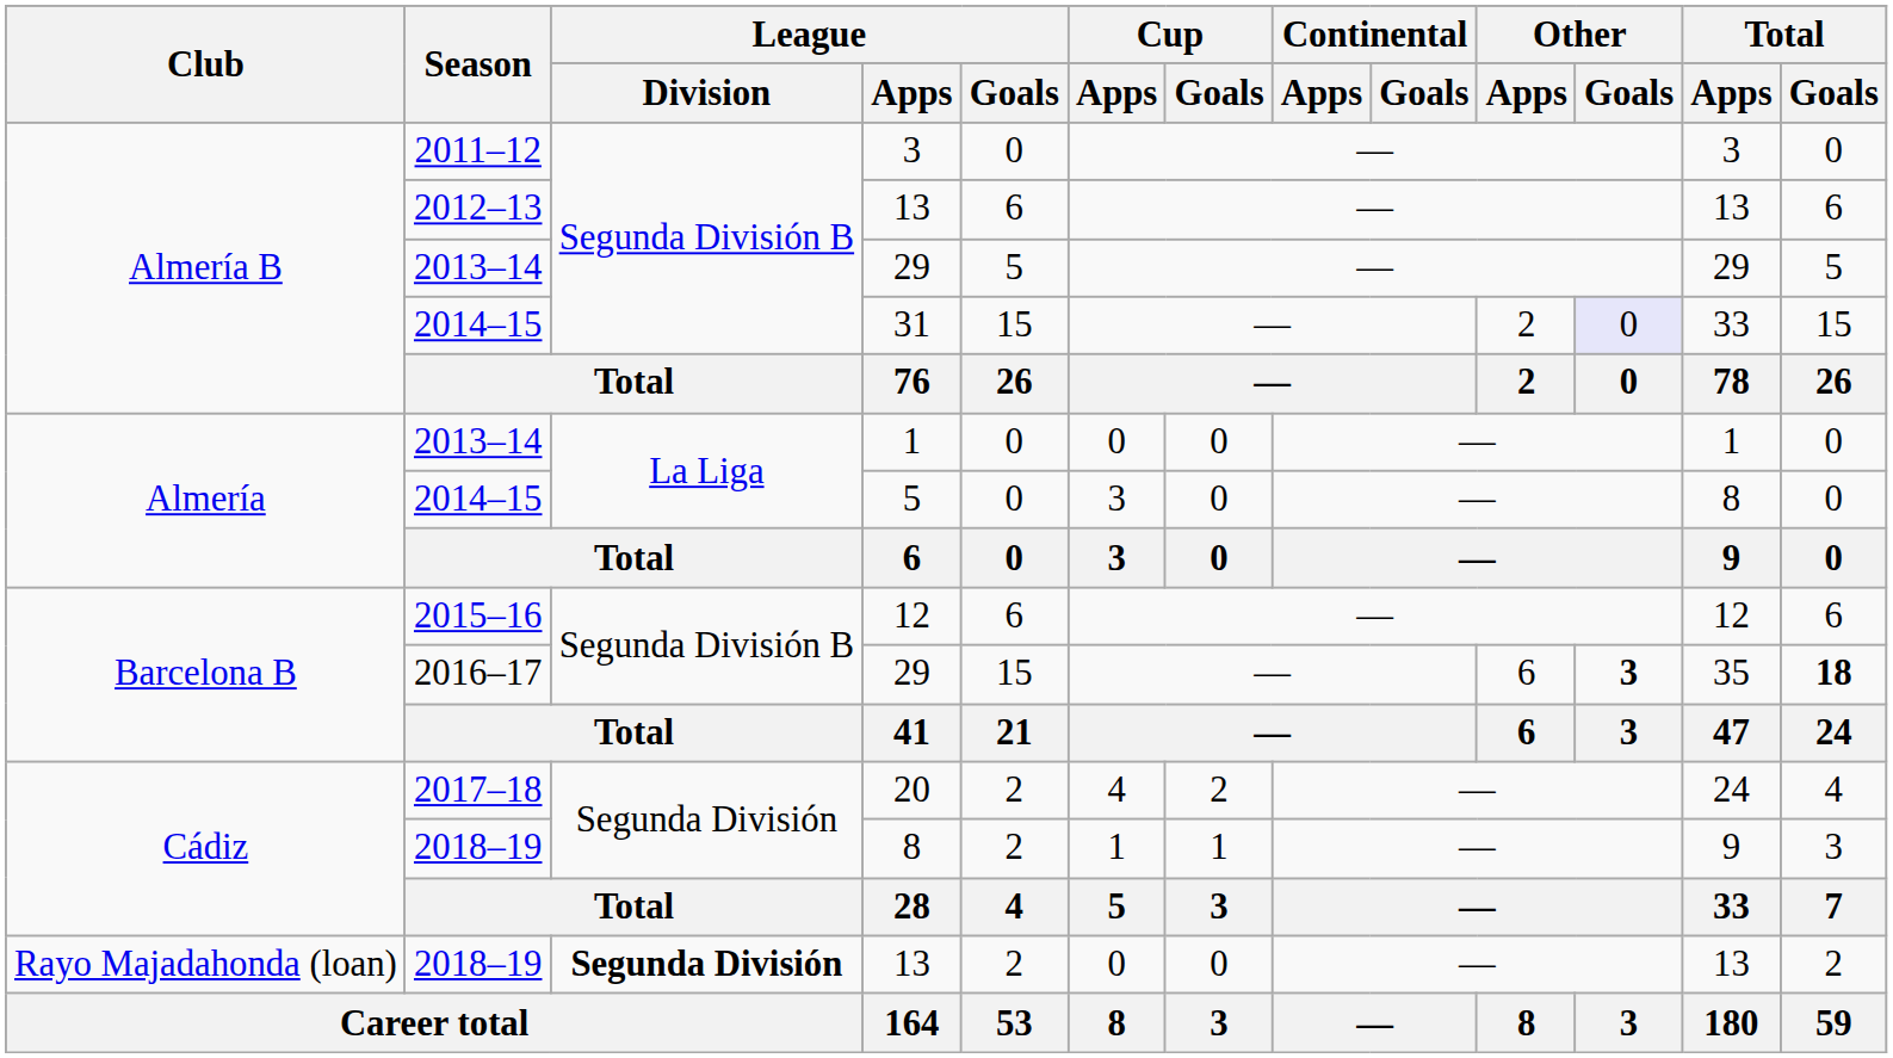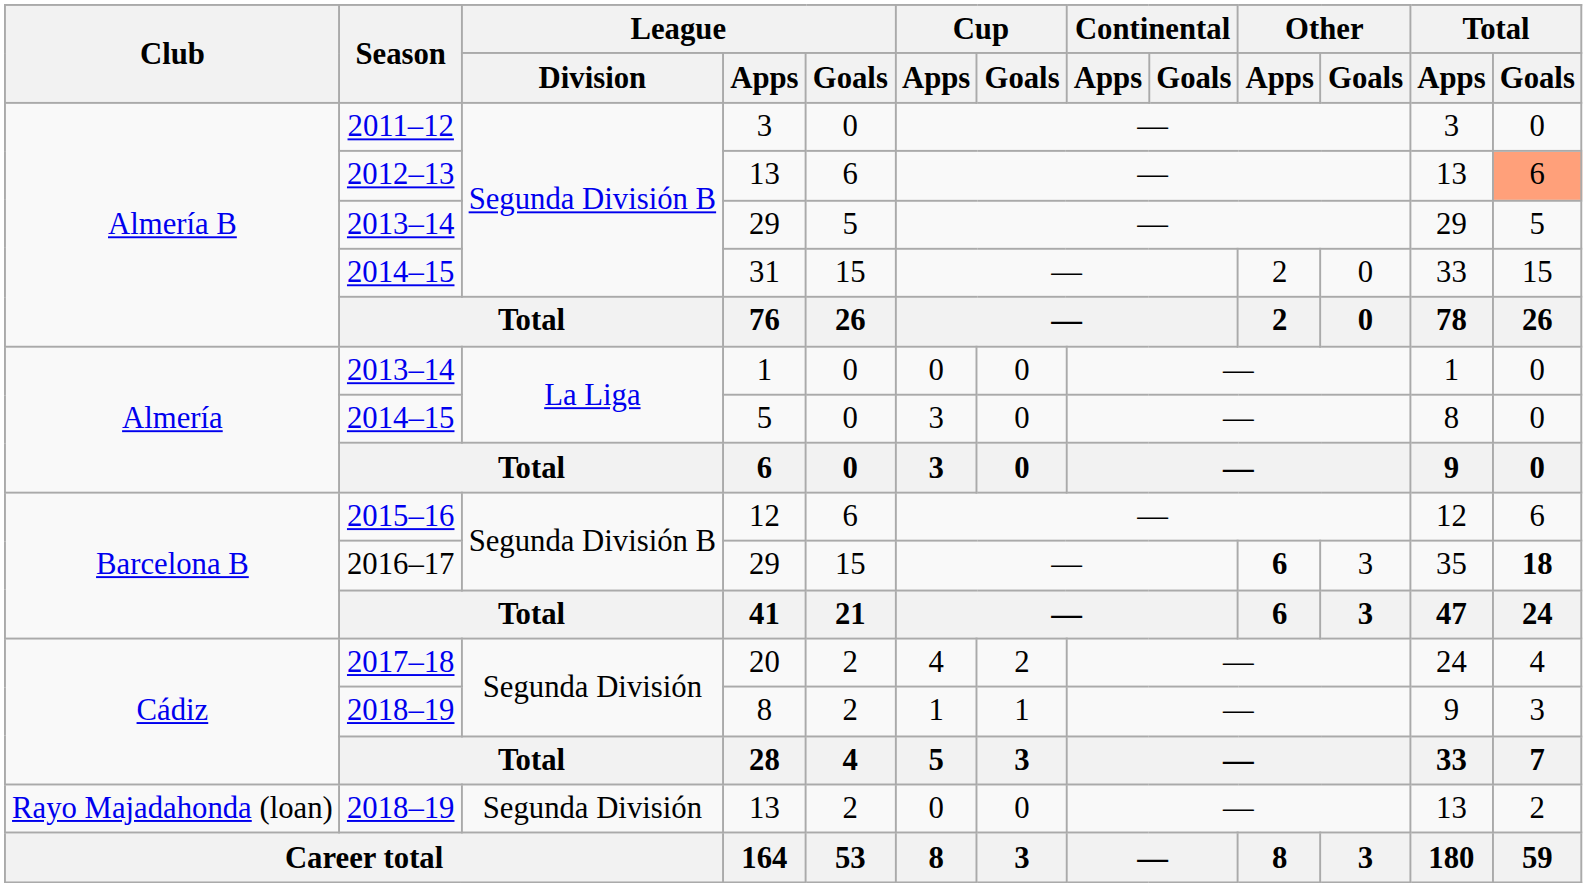 <table class="wikitable" style="text-align: center">
 <tr>
 <th rowspan="2">Club</th>
 <th rowspan="2">Season</th>
 <th colspan="3">League</th>
 <th colspan="2">Cup</th>
 <th colspan="2">Continental</th>
 <th colspan="2">Other</th>
 <th colspan="2">Total</th>
 </tr>
 <tr>
 <th>Division</th>
 <th>Apps</th>
 <th>Goals</th>
 <th>Apps</th>
 <th>Goals</th>
 <th>Apps</th>
 <th>Goals</th>
 <th>Apps</th>
 <th>Goals</th>
 <th>Apps</th>
 <th>Goals</th>
 </tr>
 <tr>
 <td rowspan="5"><a href='#'>Almería B</a></td>
 <td><a href='#'>2011–12</a></td>
 <td rowspan="4"><a href='#'>Segunda División B</a></td>
 <td>3</td>
 <td>0</td>
 <td colspan="6">—</td>
 <td>3</td>
 <td>0</td>
 </tr>
 <tr>
 <td><a href='#'>2012–13</a></td>
 <td>13</td>
 <td>6</td>
 <td colspan="6">—</td>
 <td>13</td>
-<td>6</td>
+<td style="background: lightsalmon;">6</td>
 </tr>
 <tr>
 <td><a href='#'>2013–14</a></td>
 <td>29</td>
 <td>5</td>
 <td colspan="6">—</td>
 <td>29</td>
 <td>5</td>
 </tr>
 <tr>
 <td><a href='#'>2014–15</a></td>
 <td>31</td>
 <td>15</td>
 <td colspan="4">—</td>
 <td>2</td>
-<td style="background: lavender;">0</td>
+<td>0</td>
 <td>33</td>
 <td>15</td>
 </tr>
 <tr>
 <th colspan="2">Total</th>
 <th>76</th>
 <th>26</th>
 <th colspan="4">—</th>
 <th>2</th>
 <th>0</th>
 <th>78</th>
 <th>26</th>
 </tr>
 <tr>
 <td rowspan="3"><a href='#'>Almería</a></td>
 <td><a href='#'>2013–14</a></td>
 <td rowspan="2"><a href='#'>La Liga</a></td>
 <td>1</td>
 <td>0</td>
 <td>0</td>
 <td>0</td>
 <td colspan="4">—</td>
 <td>1</td>
 <td>0</td>
 </tr>
 <tr>
 <td><a href='#'>2014–15</a></td>
 <td>5</td>
 <td>0</td>
 <td>3</td>
 <td>0</td>
 <td colspan="4">—</td>
 <td>8</td>
 <td>0</td>
 </tr>
 <tr>
 <th colspan="2">Total</th>
 <th>6</th>
 <th>0</th>
 <th>3</th>
 <th>0</th>
 <th colspan="4">—</th>
 <th>9</th>
 <th>0</th>
 </tr>
 <tr>
 <td rowspan="3"><a href='#'>Barcelona B</a></td>
 <td><a href='#'>2015–16</a></td>
 <td rowspan="2">Segunda División B</td>
 <td>12</td>
 <td>6</td>
 <td colspan="6">—</td>
 <td>12</td>
 <td>6</td>
 </tr>
 <tr>
 <td>2016–17</td>
 <td>29</td>
 <td>15</td>
 <td colspan="4">—</td>
-<td>6</td>
-<td><strong>3</strong></td>
+<td><strong>6</strong></td>
+<td>3</td>
 <td>35</td>
 <td><strong>18</strong></td>
 </tr>
 <tr>
 <th colspan="2">Total</th>
 <th>41</th>
 <th>21</th>
 <th colspan="4">—</th>
 <th>6</th>
 <th>3</th>
 <th>47</th>
 <th>24</th>
 </tr>
 <tr>
 <td rowspan="3"><a href='#'>Cádiz</a></td>
 <td><a href='#'>2017–18</a></td>
 <td rowspan="2">Segunda División</td>
 <td>20</td>
 <td>2</td>
 <td>4</td>
 <td>2</td>
 <td colspan="4">—</td>
 <td>24</td>
 <td>4</td>
 </tr>
 <tr>
 <td><a href='#'>2018–19</a></td>
 <td>8</td>
 <td>2</td>
 <td>1</td>
 <td>1</td>
 <td colspan="4">—</td>
 <td>9</td>
 <td>3</td>
 </tr>
 <tr>
 <th colspan="2">Total</th>
 <th>28</th>
 <th>4</th>
 <th>5</th>
 <th>3</th>
 <th colspan="4">—</th>
 <th>33</th>
 <th>7</th>
 </tr>
 <tr>
 <td><a href='#'>Rayo Majadahonda</a> (loan)</td>
 <td><a href='#'>2018–19</a></td>
-<td><strong>Segunda División</strong></td>
+<td>Segunda División</td>
 <td>13</td>
 <td>2</td>
 <td>0</td>
 <td>0</td>
 <td colspan="4">—</td>
 <td>13</td>
 <td>2</td>
 </tr>
 <tr>
 <th colspan="3">Career total</th>
 <th>164</th>
 <th>53</th>
 <th>8</th>
 <th>3</th>
 <th colspan="2">—</th>
 <th>8</th>
 <th>3</th>
 <th>180</th>
 <th>59</th>
 </tr>
 </table>
